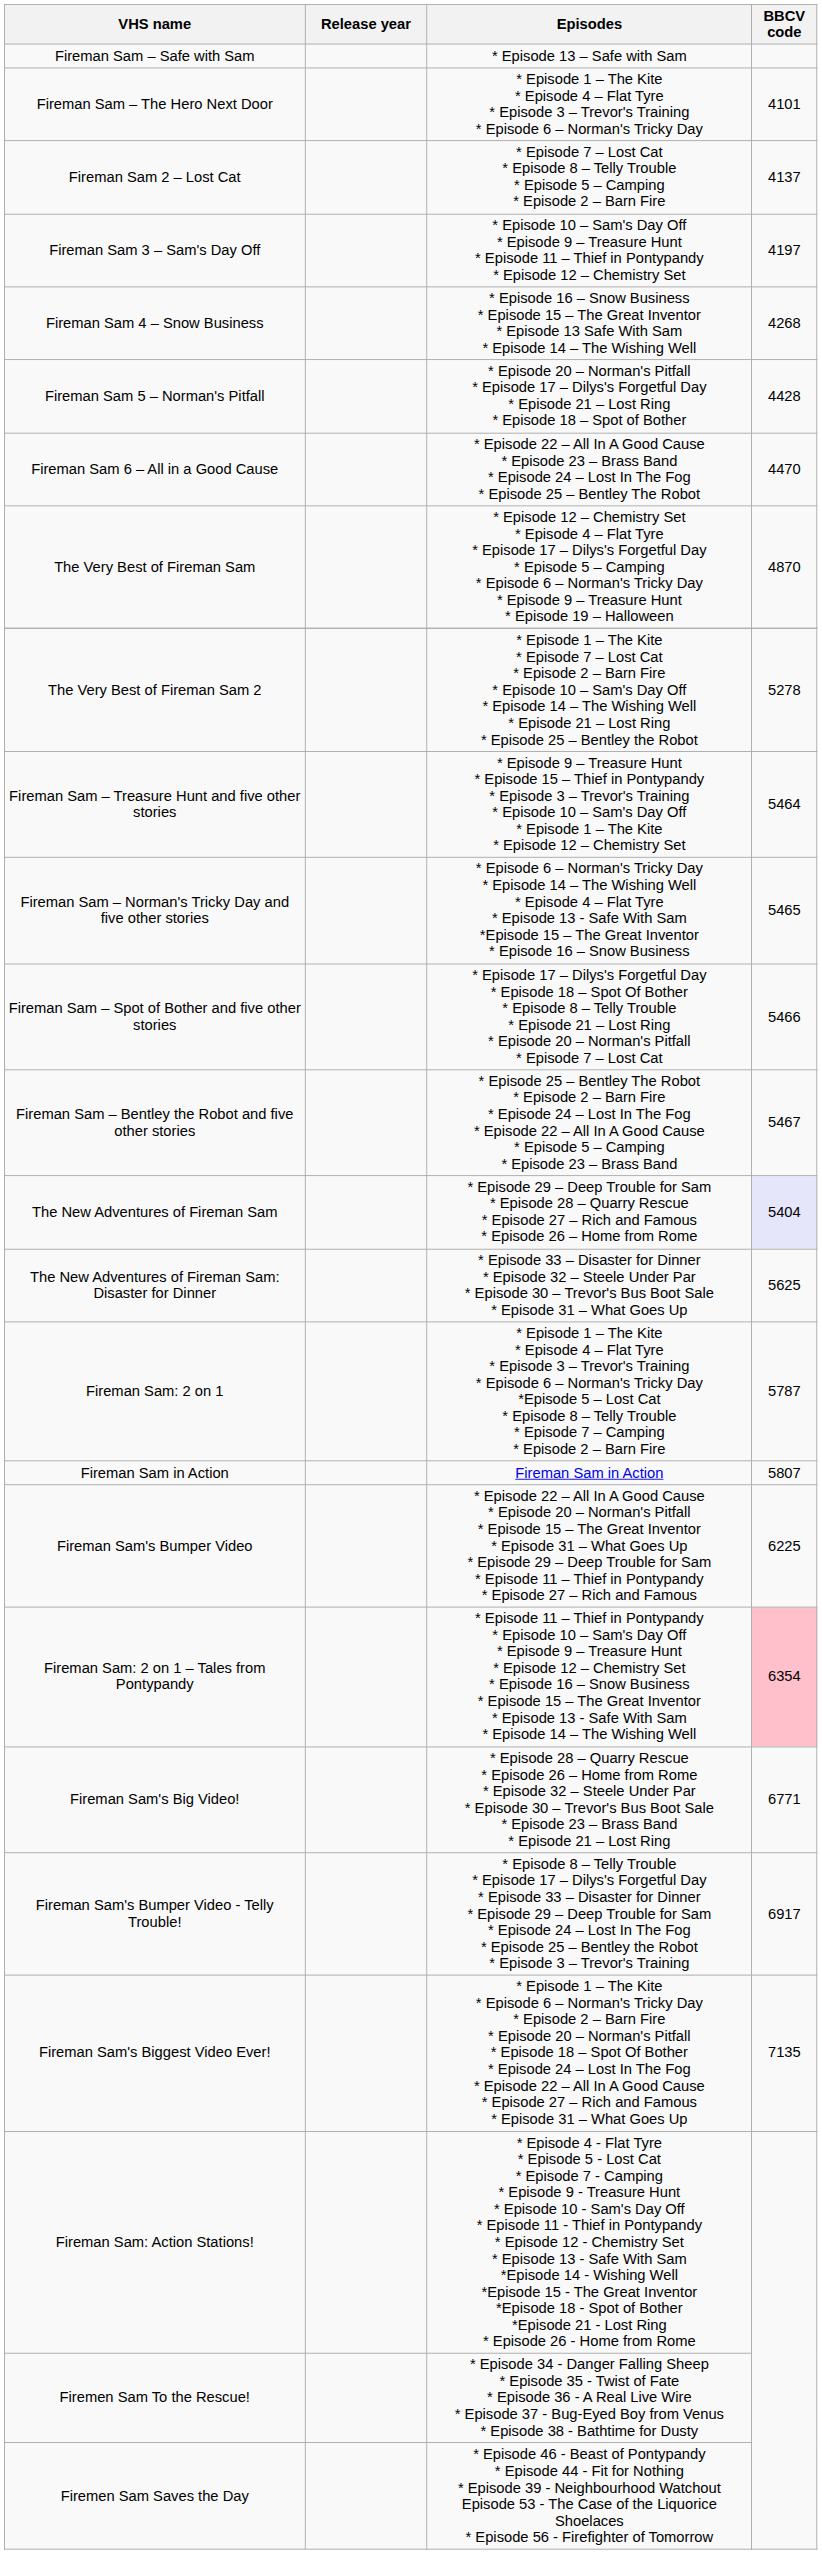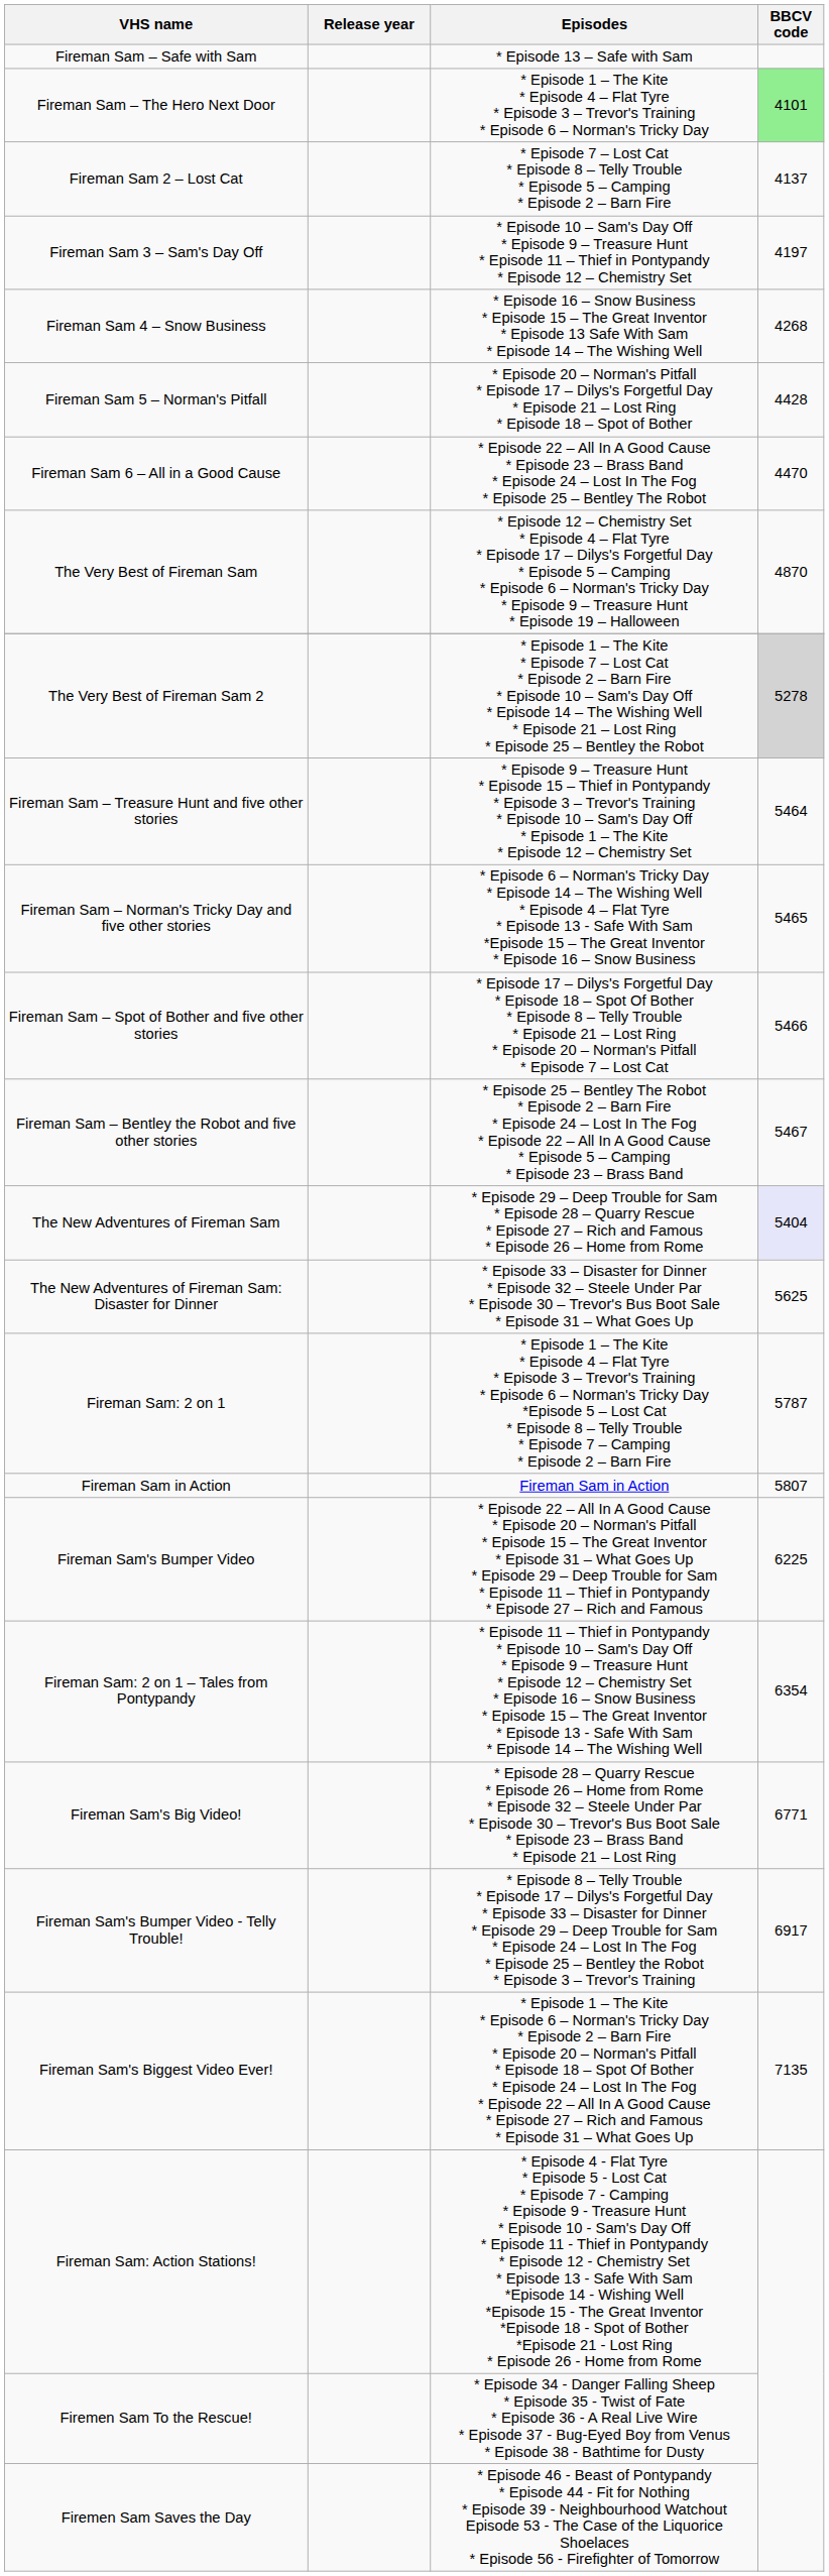 <table class="wikitable" style="text-align:center; width:100%;">
 <tr>
 <th width="37%">VHS name</th>
 <th width="15%">Release year</th>
 <th width="40%">Episodes</th>
 <th width="8%">BBCV code</th>
 </tr>
 <tr>
 <td>Fireman Sam – Safe with Sam</td>
 <td></td>
 <td>* Episode 13 – Safe with Sam</td>
 <td></td>
 </tr>
 <tr>
 <td>Fireman Sam – The Hero Next Door</td>
 <td></td>
 <td>* Episode 1 – The Kite<br>* Episode 4 – Flat Tyre<br>* Episode 3 – Trevor's Training<br>* Episode 6 – Norman's Tricky Day</td>
-<td>4101</td>
+<td style="background: lightgreen;">4101</td>
 </tr>
 <tr>
 <td>Fireman Sam 2 – Lost Cat</td>
 <td></td>
 <td>* Episode 7 – Lost Cat<br>* Episode 8 – Telly Trouble<br>* Episode 5 – Camping<br>* Episode 2 – Barn Fire</td>
 <td>4137</td>
 </tr>
 <tr>
 <td>Fireman Sam 3 – Sam's Day Off</td>
 <td></td>
 <td>* Episode 10 – Sam's Day Off<br>* Episode 9 – Treasure Hunt<br>* Episode 11 – Thief in Pontypandy<br>* Episode 12 – Chemistry Set</td>
 <td>4197</td>
 </tr>
 <tr>
 <td>Fireman Sam 4 – Snow Business</td>
 <td></td>
 <td>* Episode 16 – Snow Business<br>* Episode 15 – The Great Inventor<br>* Episode 13 Safe With Sam<br>* Episode 14 – The Wishing Well</td>
 <td>4268</td>
 </tr>
 <tr>
 <td>Fireman Sam 5 – Norman's Pitfall</td>
 <td></td>
 <td>* Episode 20 – Norman's Pitfall<br>* Episode 17 – Dilys's Forgetful Day<br>* Episode 21 – Lost Ring<br>* Episode 18 – Spot of Bother</td>
 <td>4428</td>
 </tr>
 <tr>
 <td>Fireman Sam 6 – All in a Good Cause</td>
 <td></td>
 <td>* Episode 22 – All In A Good Cause<br>* Episode 23 – Brass Band<br>* Episode 24 – Lost In The Fog<br>* Episode 25 – Bentley The Robot</td>
 <td>4470</td>
 </tr>
 <tr>
 <td>The Very Best of Fireman Sam</td>
 <td></td>
 <td>* Episode 12 – Chemistry Set<br>* Episode 4 – Flat Tyre<br>*  Episode 17 – Dilys's Forgetful Day<br>* Episode 5 – Camping <br>* Episode 6 – Norman's Tricky Day<br>* Episode 9 – Treasure Hunt<br>* Episode 19 – Halloween</td>
 <td>4870</td>
 </tr>
 <tr>
 </tr>
 <tr>
 <td>The Very Best of Fireman Sam 2</td>
 <td></td>
 <td>* Episode 1 – The Kite<br>* Episode 7 – Lost Cat<br>* Episode 2 – Barn Fire<br>* Episode 10 – Sam's Day Off<br>* Episode 14 – The Wishing Well<br>* Episode 21 – Lost Ring<br>* Episode 25 – Bentley the Robot</td>
-<td>5278</td>
+<td style="background: lightgrey;">5278</td>
 </tr>
 <tr>
 <td>Fireman Sam – Treasure Hunt and five other stories</td>
 <td></td>
 <td>* Episode 9 – Treasure Hunt<br>* Episode 15 – Thief in Pontypandy<br>* Episode 3 – Trevor's Training<br>* Episode 10 – Sam's Day Off<br>* Episode 1 – The Kite<br>* Episode 12 – Chemistry Set</td>
 <td>5464</td>
 </tr>
 <tr>
 <td>Fireman Sam – Norman's Tricky Day and five other stories</td>
 <td></td>
 <td>* Episode 6 – Norman's Tricky Day<br>* Episode 14 – The Wishing Well <br>* Episode 4 – Flat Tyre<br>* Episode 13 - Safe With Sam<br>*Episode 15 – The Great Inventor<br>* Episode 16 – Snow Business</td>
 <td>5465</td>
 </tr>
 <tr>
 <td>Fireman Sam – Spot of Bother and five other stories</td>
 <td></td>
 <td>* Episode 17 – Dilys's Forgetful Day<br>* Episode 18 – Spot Of Bother<br>* Episode 8 – Telly Trouble<br>* Episode 21 – Lost Ring<br>* Episode 20 – Norman's Pitfall<br>* Episode 7 – Lost Cat</td>
 <td>5466</td>
 </tr>
 <tr>
 <td>Fireman Sam – Bentley the Robot and five other stories</td>
 <td></td>
 <td>* Episode 25 – Bentley The Robot<br>* Episode 2 – Barn Fire<br>* Episode 24 – Lost In The Fog<br>* Episode 22 – All In A Good Cause<br>* Episode 5 – Camping<br>* Episode 23 – Brass Band</td>
 <td>5467</td>
 </tr>
 <tr>
 <td>The New Adventures of Fireman Sam</td>
 <td></td>
 <td>* Episode 29 – Deep Trouble for Sam<br>* Episode 28 – Quarry Rescue<br>* Episode 27 – Rich and Famous<br>* Episode 26 – Home from Rome</td>
 <td style="background: lavender;">5404</td>
 </tr>
 <tr>
 <td>The New Adventures of Fireman Sam: Disaster for Dinner</td>
 <td></td>
 <td>* Episode 33 – Disaster for Dinner<br>* Episode 32 – Steele Under Par<br>* Episode 30 – Trevor's Bus Boot Sale<br>* Episode 31 – What Goes Up</td>
 <td>5625</td>
 </tr>
 <tr>
 <td>Fireman Sam: 2 on 1</td>
 <td></td>
 <td>* Episode 1 – The Kite<br>* Episode 4 – Flat Tyre<br>* Episode 3 – Trevor's Training<br>* Episode 6 – Norman's Tricky Day<br>*Episode 5 – Lost Cat<br>* Episode 8 – Telly Trouble<br>* Episode 7 – Camping<br>* Episode 2 – Barn Fire</td>
 <td>5787</td>
 </tr>
 <tr>
 <td>Fireman Sam in Action</td>
 <td></td>
 <td><a href='#'>Fireman Sam in Action</a></td>
 <td>5807</td>
 </tr>
 <tr>
 <td>Fireman Sam's Bumper Video</td>
 <td></td>
 <td>* Episode 22 – All In A Good Cause<br>* Episode 20 – Norman's Pitfall<br>* Episode 15 – The Great Inventor<br>* Episode 31 – What Goes Up<br>* Episode 29 – Deep Trouble for Sam<br>* Episode 11 – Thief in Pontypandy<br>* Episode 27 – Rich and Famous</td>
 <td>6225</td>
 </tr>
 <tr>
 <td>Fireman Sam: 2 on 1 – Tales from Pontypandy</td>
 <td></td>
 <td>* Episode 11 – Thief in Pontypandy<br>* Episode 10 – Sam's Day Off<br>* Episode 9 – Treasure Hunt<br>* Episode 12 – Chemistry Set<br>* Episode 16 – Snow Business<br>* Episode 15 – The Great Inventor<br>* Episode 13 - Safe With Sam<br>* Episode 14 – The Wishing Well</td>
-<td style="background: pink;">6354</td>
+<td>6354</td>
 </tr>
 <tr>
 <td>Fireman Sam's Big Video!</td>
 <td></td>
 <td>* Episode 28 – Quarry Rescue<br>* Episode 26 – Home from Rome<br>* Episode 32 – Steele Under Par<br>* Episode 30 – Trevor's Bus Boot Sale<br>* Episode 23 – Brass Band<br>* Episode 21 – Lost Ring</td>
 <td>6771</td>
 </tr>
 <tr>
 <td>Fireman Sam's Bumper Video - Telly Trouble!</td>
 <td></td>
 <td>* Episode 8 – Telly Trouble<br>* Episode 17 – Dilys's Forgetful Day<br>* Episode 33 – Disaster for Dinner<br>* Episode 29 – Deep Trouble for Sam<br>* Episode 24 – Lost In The Fog<br>* Episode 25 – Bentley the Robot<br>* Episode 3 – Trevor's Training</td>
 <td>6917</td>
 </tr>
 <tr>
 <td>Fireman Sam's Biggest Video Ever!</td>
 <td></td>
 <td>* Episode 1 – The Kite<br>* Episode 6 – Norman's Tricky Day<br>* Episode 2 – Barn Fire<br>* Episode 20 – Norman's Pitfall<br>* Episode 18 – Spot Of Bother<br>* Episode 24 – Lost In The Fog<br>* Episode 22 – All In A Good Cause<br>*  Episode 27 – Rich and Famous<br>* Episode 31 – What Goes Up</td>
 <td>7135</td>
 </tr>
 <tr>
 <td>Fireman Sam: Action Stations!</td>
 <td></td>
 <td>* Episode 4 - Flat Tyre<br>* Episode 5 - Lost Cat<br>* Episode 7 - Camping<br>* Episode 9 - Treasure Hunt<br>* Episode 10 - Sam's Day Off<br>* Episode 11 - Thief in Pontypandy<br>* Episode 12 - Chemistry Set<br>* Episode 13 - Safe With Sam<br>*Episode 14 - Wishing Well<br>*Episode 15 - The Great Inventor<br>*Episode 18 - Spot of Bother<br>*Episode 21 - Lost Ring<br>* Episode 26 - Home from Rome<br></td>
 </tr>
 <tr>
 <td>Firemen Sam To the Rescue!</td>
 <td></td>
 <td>* Episode 34 - Danger Falling Sheep <br> * Episode 35 - Twist of Fate <br> * Episode 36 - A Real Live Wire <br> * Episode 37 - Bug-Eyed Boy from Venus <br> * Episode 38 - Bathtime for Dusty</td>
 </tr>
 <tr>
 <td>Firemen Sam Saves the Day</td>
 <td></td>
 <td>* Episode 46 - Beast of Pontypandy<br> * Episode 44 - Fit for Nothing<br> * Episode 39 - Neighbourhood Watchout<br> Episode 53 - The Case of the Liquorice Shoelaces<br> * Episode 56 - Firefighter of Tomorrow</td>
 </tr>
 </table>
